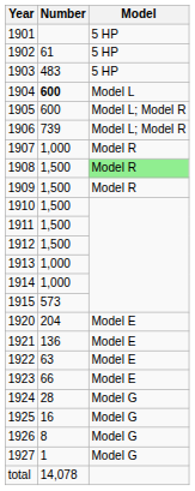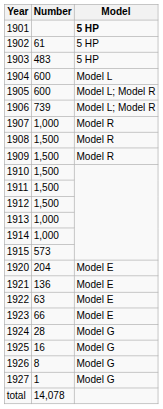 <table class="wikitable sortable">
 <tr>
 <th>Year</th>
 <th>Number</th>
 <th>Model</th>
 </tr>
 <tr>
 <td>1901</td>
 <td></td>
-<td>5 HP</td>
+<td><strong>5 HP</strong></td>
 </tr>
 <tr>
 <td>1902</td>
 <td>61</td>
 <td>5 HP</td>
 </tr>
 <tr>
 <td>1903</td>
 <td>483</td>
 <td>5 HP</td>
 </tr>
 <tr>
 <td>1904</td>
-<td><strong>600</strong></td>
+<td>600</td>
 <td>Model L</td>
 </tr>
 <tr>
 <td>1905</td>
 <td>600</td>
 <td>Model L; Model R</td>
 </tr>
 <tr>
 <td>1906</td>
 <td>739</td>
 <td>Model L; Model R</td>
 </tr>
 <tr>
 <td>1907</td>
 <td>1,000</td>
 <td>Model R</td>
 </tr>
 <tr>
 <td>1908</td>
 <td>1,500</td>
-<td style="background: lightgreen;">Model R</td>
+<td>Model R</td>
 </tr>
 <tr>
 <td>1909</td>
 <td>1,500</td>
 <td>Model R</td>
 </tr>
 <tr>
 <td>1910</td>
 <td>1,500</td>
 </tr>
 <tr>
 <td>1911</td>
 <td>1,500</td>
 </tr>
 <tr>
 <td>1912</td>
 <td>1,500</td>
 </tr>
 <tr>
 <td>1913</td>
 <td>1,000</td>
 </tr>
 <tr>
 <td>1914</td>
 <td>1,000</td>
 </tr>
 <tr>
 <td>1915</td>
 <td>573</td>
 </tr>
 <tr>
 <td>1920</td>
 <td>204</td>
 <td>Model E</td>
 </tr>
 <tr>
 <td>1921</td>
 <td>136</td>
 <td>Model E</td>
 </tr>
 <tr>
 <td>1922</td>
 <td>63</td>
 <td>Model E</td>
 </tr>
 <tr>
 <td>1923</td>
 <td>66</td>
 <td>Model E</td>
 </tr>
 <tr>
 <td>1924</td>
 <td>28</td>
 <td>Model G</td>
 </tr>
 <tr>
 <td>1925</td>
 <td>16</td>
 <td>Model G</td>
 </tr>
 <tr>
 <td>1926</td>
 <td>8</td>
 <td>Model G</td>
 </tr>
 <tr>
 <td>1927</td>
 <td>1</td>
 <td>Model G</td>
 </tr>
 <tr>
 <td>total</td>
 <td>14,078</td>
 </tr>
 </table>
